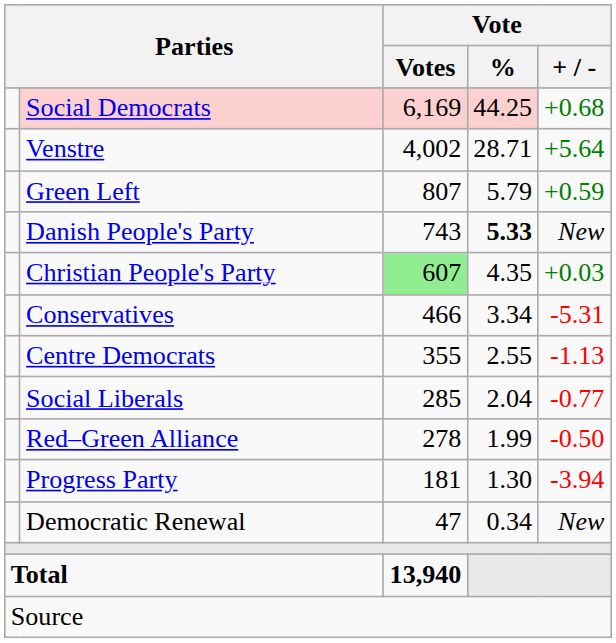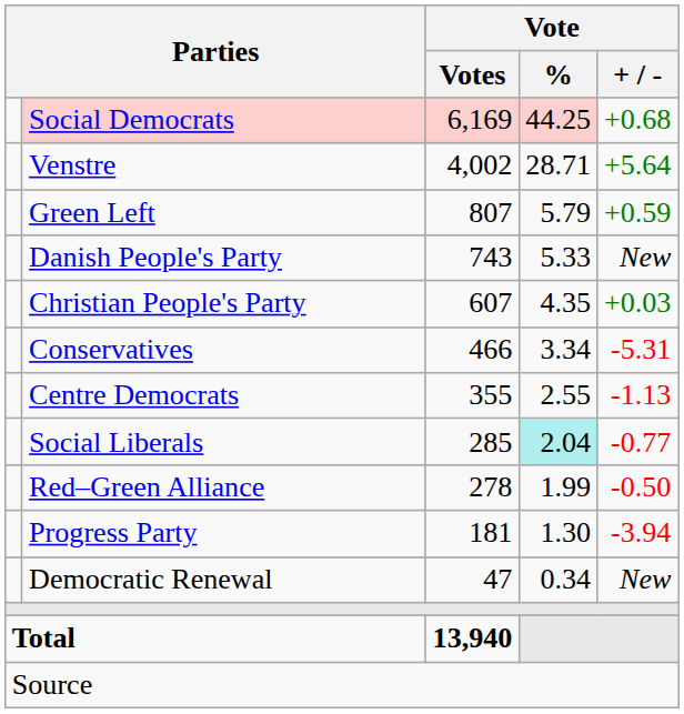 <table class="wikitable" style="text-align:right;">
 <tr>
 <th style="text-align:centre;" rowspan="2" colspan="2" width="225">Parties</th>
 <th colspan="3">Vote</th>
 </tr>
 <tr>
 <th width="15">Votes</th>
 <th width="15">%</th>
 <th width="15">+ / -</th>
 </tr>
 <tr>
 <td width="2" style="color:inherit;background:"></td>
 <td bgcolor=#fbd0ce  align="left"><a href='#'>Social Democrats</a></td>
 <td bgcolor=#fbd0ce>6,169</td>
 <td bgcolor=#fbd0ce>44.25</td>
 <td style=color:green;>+0.68</td>
 </tr>
 <tr>
 <td width="2" style="color:inherit;background:"></td>
 <td align="left"><a href='#'>Venstre</a></td>
 <td>4,002</td>
 <td>28.71</td>
 <td style=color:green;>+5.64</td>
 </tr>
 <tr>
 <td width="2" style="color:inherit;background:"></td>
 <td align="left"><a href='#'>Green Left</a></td>
 <td>807</td>
 <td>5.79</td>
 <td style=color:green;>+0.59</td>
 </tr>
 <tr>
 <td width="2" style="color:inherit;background:"></td>
 <td align="left"><a href='#'>Danish People's Party</a></td>
 <td>743</td>
-<td><strong>5.33</strong></td>
+<td>5.33</td>
 <td><em>New</em></td>
 </tr>
 <tr>
 <td width="2" style="color:inherit;background:"></td>
 <td align="left"><a href='#'>Christian People's Party</a></td>
-<td style="background: lightgreen;">607</td>
+<td>607</td>
 <td>4.35</td>
 <td style=color:green;>+0.03</td>
 </tr>
 <tr>
 <td width="2" style="color:inherit;background:"></td>
 <td align="left"><a href='#'>Conservatives</a></td>
 <td>466</td>
 <td>3.34</td>
 <td style=color:red;>-5.31</td>
 </tr>
 <tr>
 <td width="2" style="color:inherit;background:"></td>
 <td align="left"><a href='#'>Centre Democrats</a></td>
 <td>355</td>
 <td>2.55</td>
 <td style=color:red;>-1.13</td>
 </tr>
 <tr>
 <td width="2" style="color:inherit;background:"></td>
 <td align="left"><a href='#'>Social Liberals</a></td>
 <td>285</td>
-<td>2.04</td>
+<td style="background: paleturquoise;">2.04</td>
 <td style=color:red;>-0.77</td>
 </tr>
 <tr>
 <td width="2" style="color:inherit;background:"></td>
 <td align="left"><a href='#'>Red–Green Alliance</a></td>
 <td>278</td>
 <td>1.99</td>
 <td style=color:red;>-0.50</td>
 </tr>
 <tr>
 <td width="2" style="color:inherit;background:"></td>
 <td align="left"><a href='#'>Progress Party</a></td>
 <td>181</td>
 <td>1.30</td>
 <td style=color:red;>-3.94</td>
 </tr>
 <tr>
 <td width="2" style="color:inherit;background:"></td>
 <td align="left">Democratic Renewal</td>
 <td>47</td>
 <td>0.34</td>
 <td><em>New</em></td>
 </tr>
 <tr>
 <td colspan="7" bgcolor="#E9E9E9"></td>
 </tr>
 <tr>
 <td align="left" colspan="2"><strong>Total</strong></td>
 <td><strong>13,940</strong></td>
 <td bgcolor="#E9E9E9" colspan="2"></td>
 </tr>
 <tr>
 <td align="left" colspan="6">Source</td>
 </tr>
 </table>
